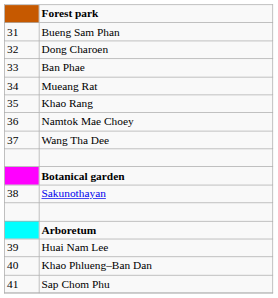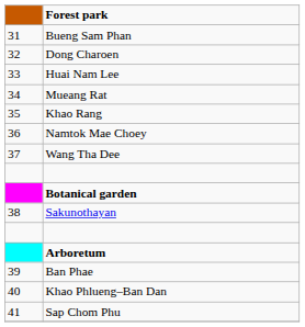 <table class= "wikitable" style= "width:30%; display:inline-table;">
 <tr>
 <td style="width:3%; background:#C65900;"> </td>
 <td style="width:27%;"><strong>Forest park</strong></td>
 </tr>
 <tr>
 <td>31</td>
 <td>Bueng Sam Phan</td>
 </tr>
 <tr>
 <td>32</td>
 <td>Dong Charoen</td>
 </tr>
 <tr>
 <td>33</td>
-<td>Ban Phae</td>
+<td>Huai Nam Lee</td>
 </tr>
 <tr>
 <td>34</td>
 <td>Mueang Rat</td>
 </tr>
 <tr>
 <td>35</td>
 <td>Khao Rang</td>
 </tr>
 <tr>
 <td>36</td>
 <td>Namtok Mae Choey</td>
 </tr>
 <tr>
 <td>37</td>
 <td>Wang Tha Dee</td>
 </tr>
 <tr>
 <td> </td>
 </tr>
 <tr>
 <td style="background:#FF00FF;"> </td>
 <td><strong>Botanical garden</strong></td>
 </tr>
 <tr>
 <td>38</td>
 <td><a href='#'>Sakunothayan</a></td>
 </tr>
 <tr>
 <td> </td>
 </tr>
 <tr>
 <td style="background:#00FFFF;"> </td>
 <td><strong>Arboretum</strong></td>
 </tr>
 <tr>
 <td>39</td>
-<td>Huai Nam Lee</td>
+<td>Ban Phae</td>
 </tr>
 <tr>
 <td>40</td>
 <td>Khao Phlueng–Ban Dan</td>
 </tr>
 <tr>
 <td>41</td>
 <td>Sap Chom Phu</td>
 </tr>
 <tr>
 </tr>
 </table>
